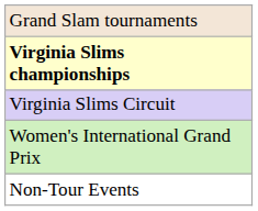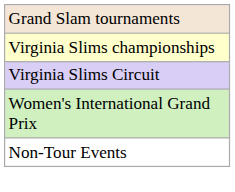 <table class=wikitable  style=font-size:90%;width:15%>
 <tr style="background:#F3E6D7;">
 <td>Grand Slam tournaments</td>
 </tr>
 <tr style="background:#ffc;">
-<td><strong>Virginia Slims championships</strong></td>
+<td>Virginia Slims championships</td>
 </tr>
 <tr style="background:#d8cef6;">
 <td>Virginia Slims Circuit</td>
 </tr>
 <tr style="background:#d0f0c0;">
 <td>Women's International Grand Prix</td>
 </tr>
 <tr style="background:#fff;">
 <td>Non-Tour Events</td>
 </tr>
 </table>
